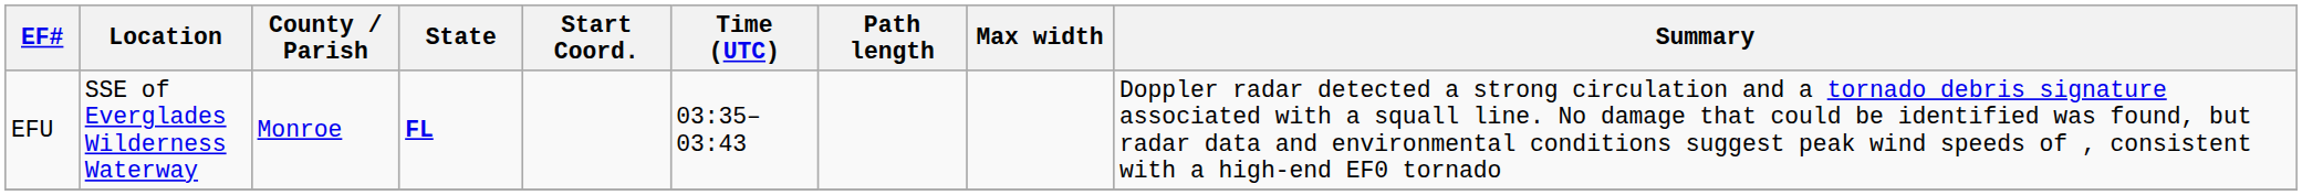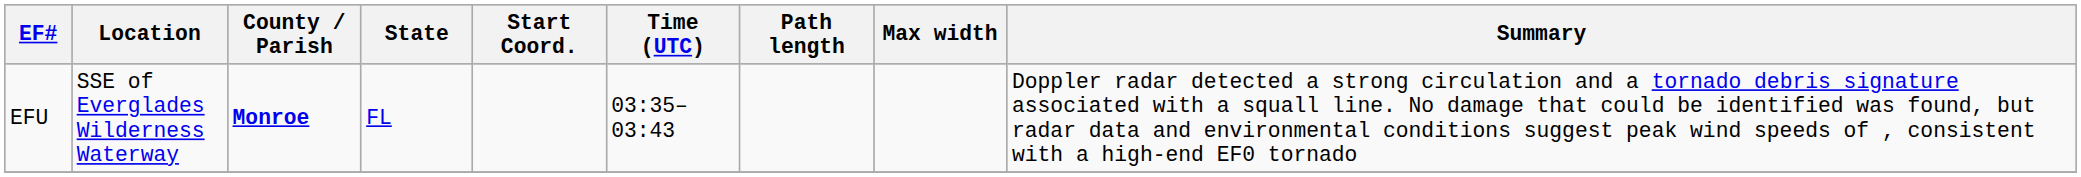 <table class="wikitable sortable" style="width:100%;">
 <tr>
 <th scope="col"  style="width:3%; text-align:center;"><a href='#'>EF#</a></th>
 <th scope="col"  style="width:7%; text-align:center;" class="unsortable">Location</th>
 <th scope="col"  style="width:6%; text-align:center;" class="unsortable">County / Parish</th>
 <th scope="col"  style="width:5%; text-align:center;">State</th>
 <th scope="col"  style="width:6%; text-align:center;">Start Coord.</th>
 <th scope="col"  style="width:6%; text-align:center;">Time (<a href='#'>UTC</a>)</th>
 <th scope="col"  style="width:6%; text-align:center;">Path length</th>
 <th scope="col"  style="width:6%; text-align:center;">Max width</th>
 <th scope="col" class="unsortable" style="width:48%; text-align:center;">Summary</th>
 </tr>
 <tr>
 <td>EFU</td>
 <td>SSE of <a href='#'>Everglades Wilderness Waterway</a></td>
-<td><a href='#'>Monroe</a></td>
-<td><strong><a href='#'>FL</a></strong></td>
+<td><strong><a href='#'>Monroe</a></strong></td>
+<td><a href='#'>FL</a></td>
 <td></td>
 <td>03:35–03:43</td>
 <td></td>
 <td></td>
 <td>Doppler radar detected a strong circulation and a <a href='#'>tornado debris signature</a> associated with a squall line. No damage that could be identified was found, but radar data and environmental conditions suggest peak wind speeds of , consistent with a high-end EF0 tornado </td>
 </tr>
 <tr>
 </tr>
 </table>
